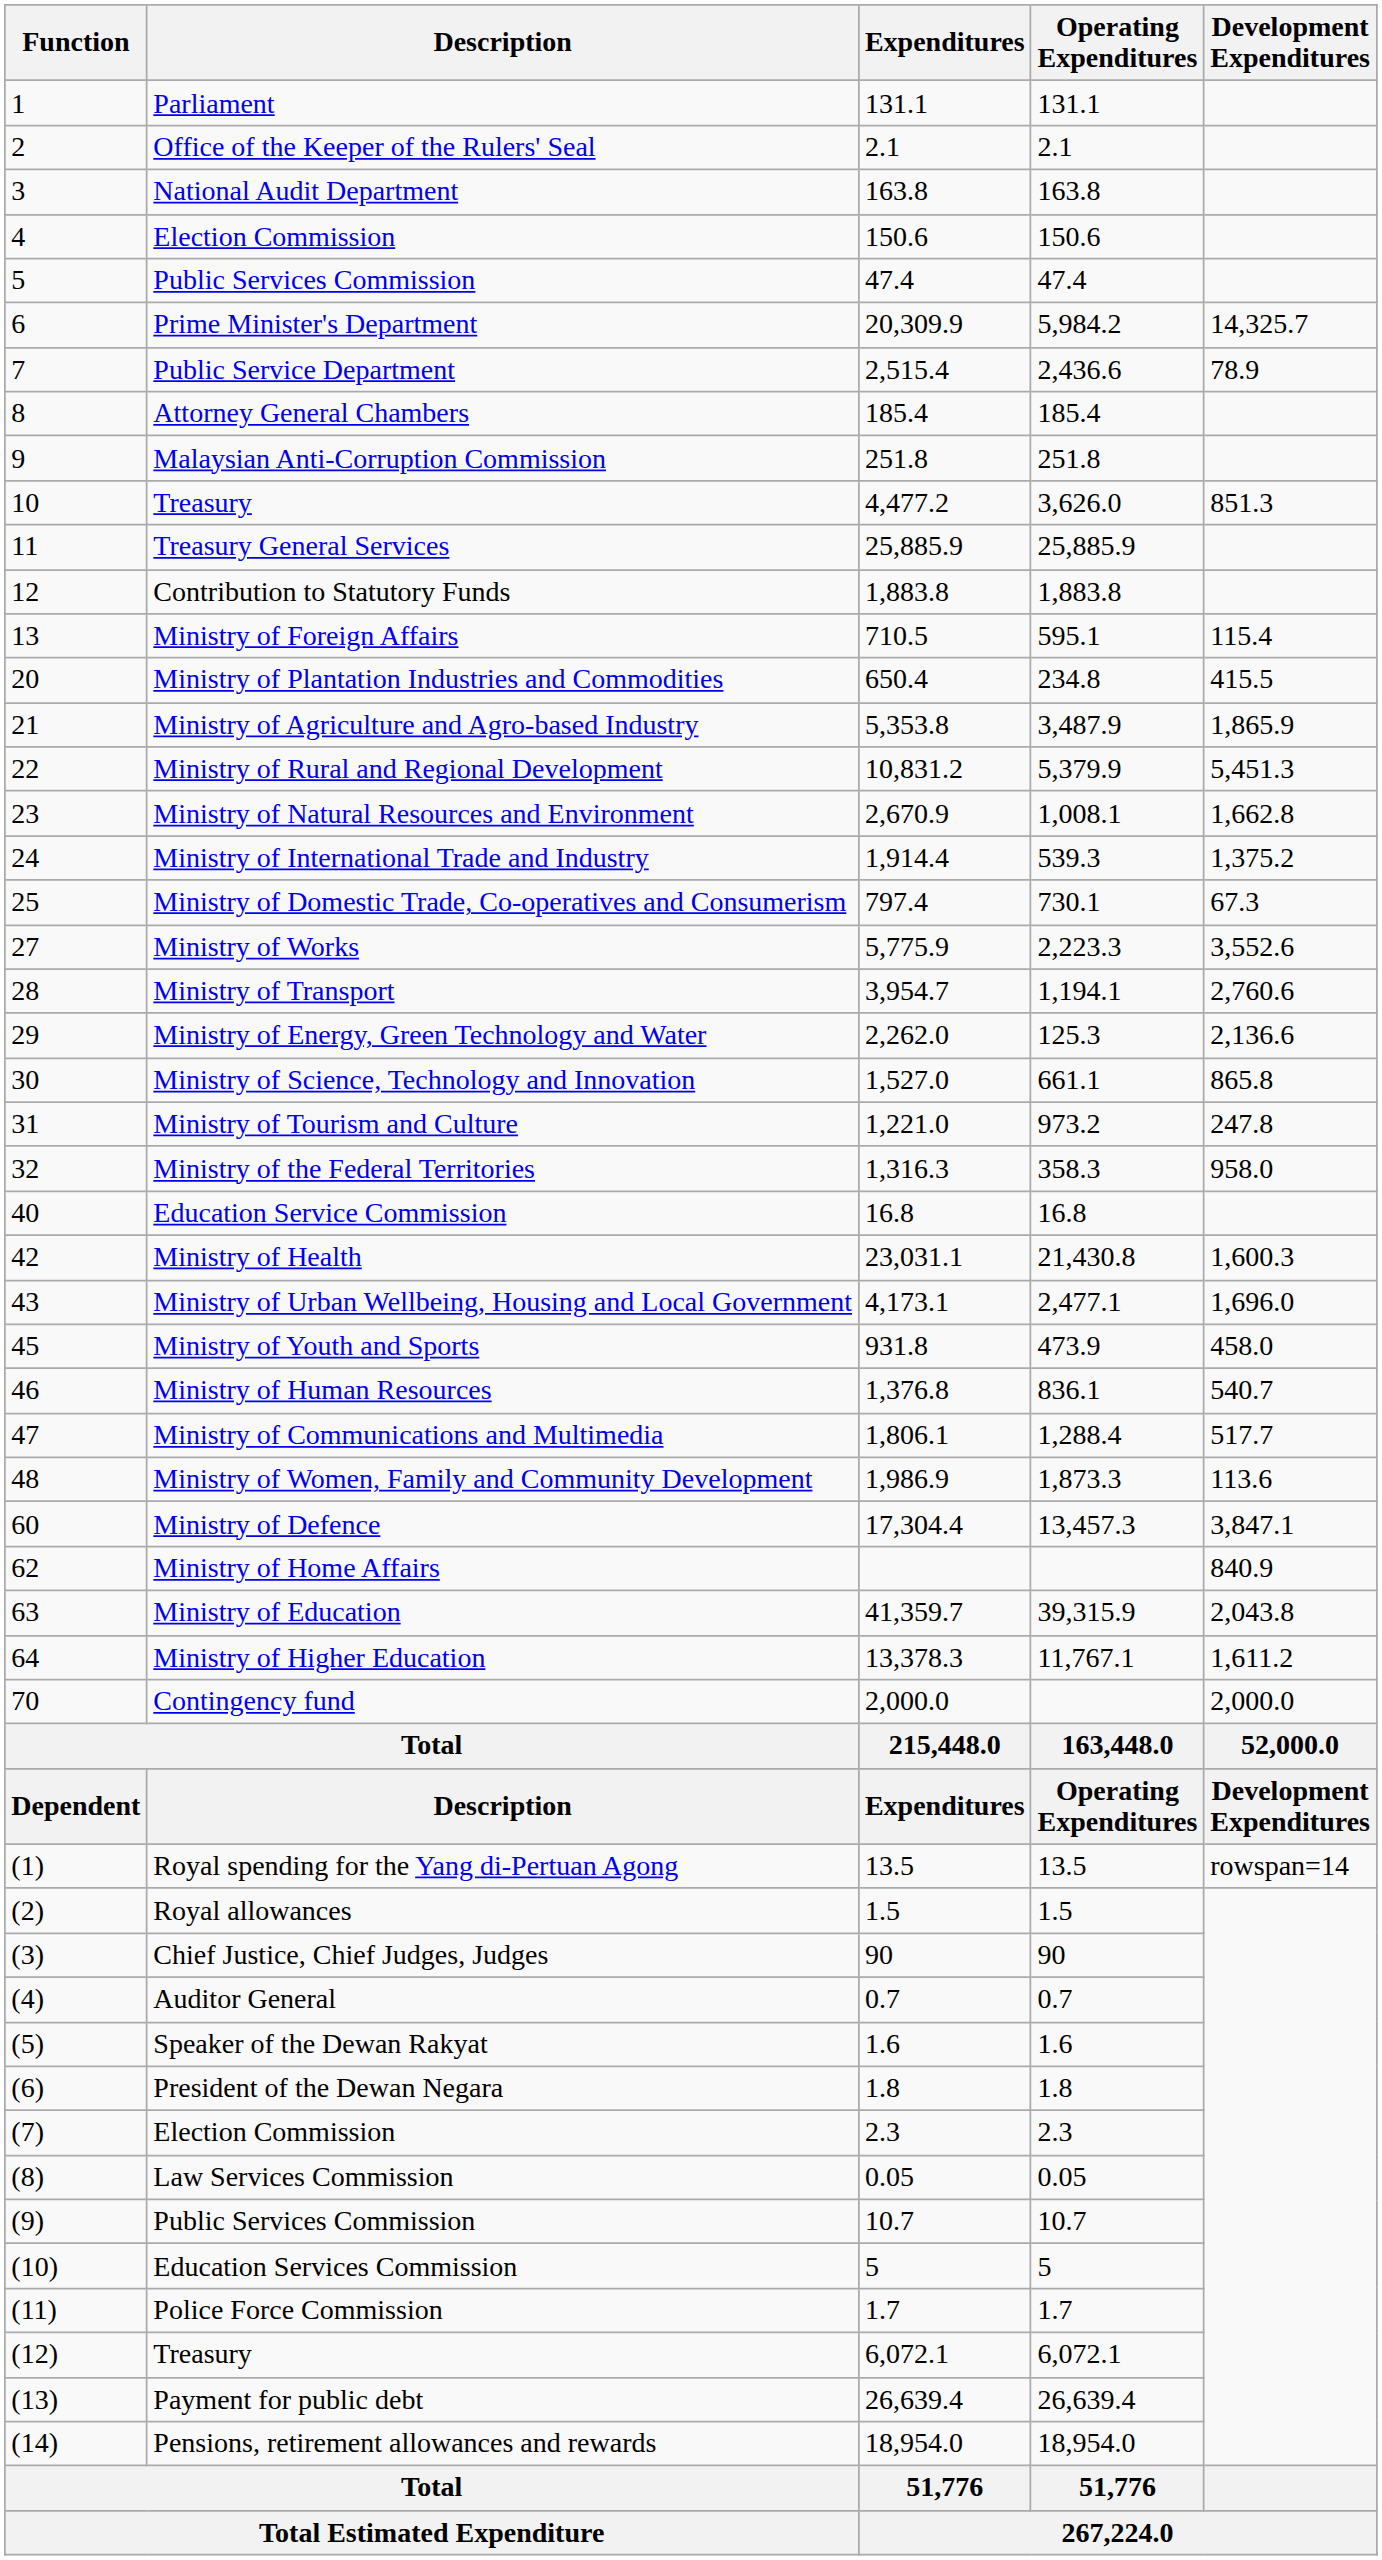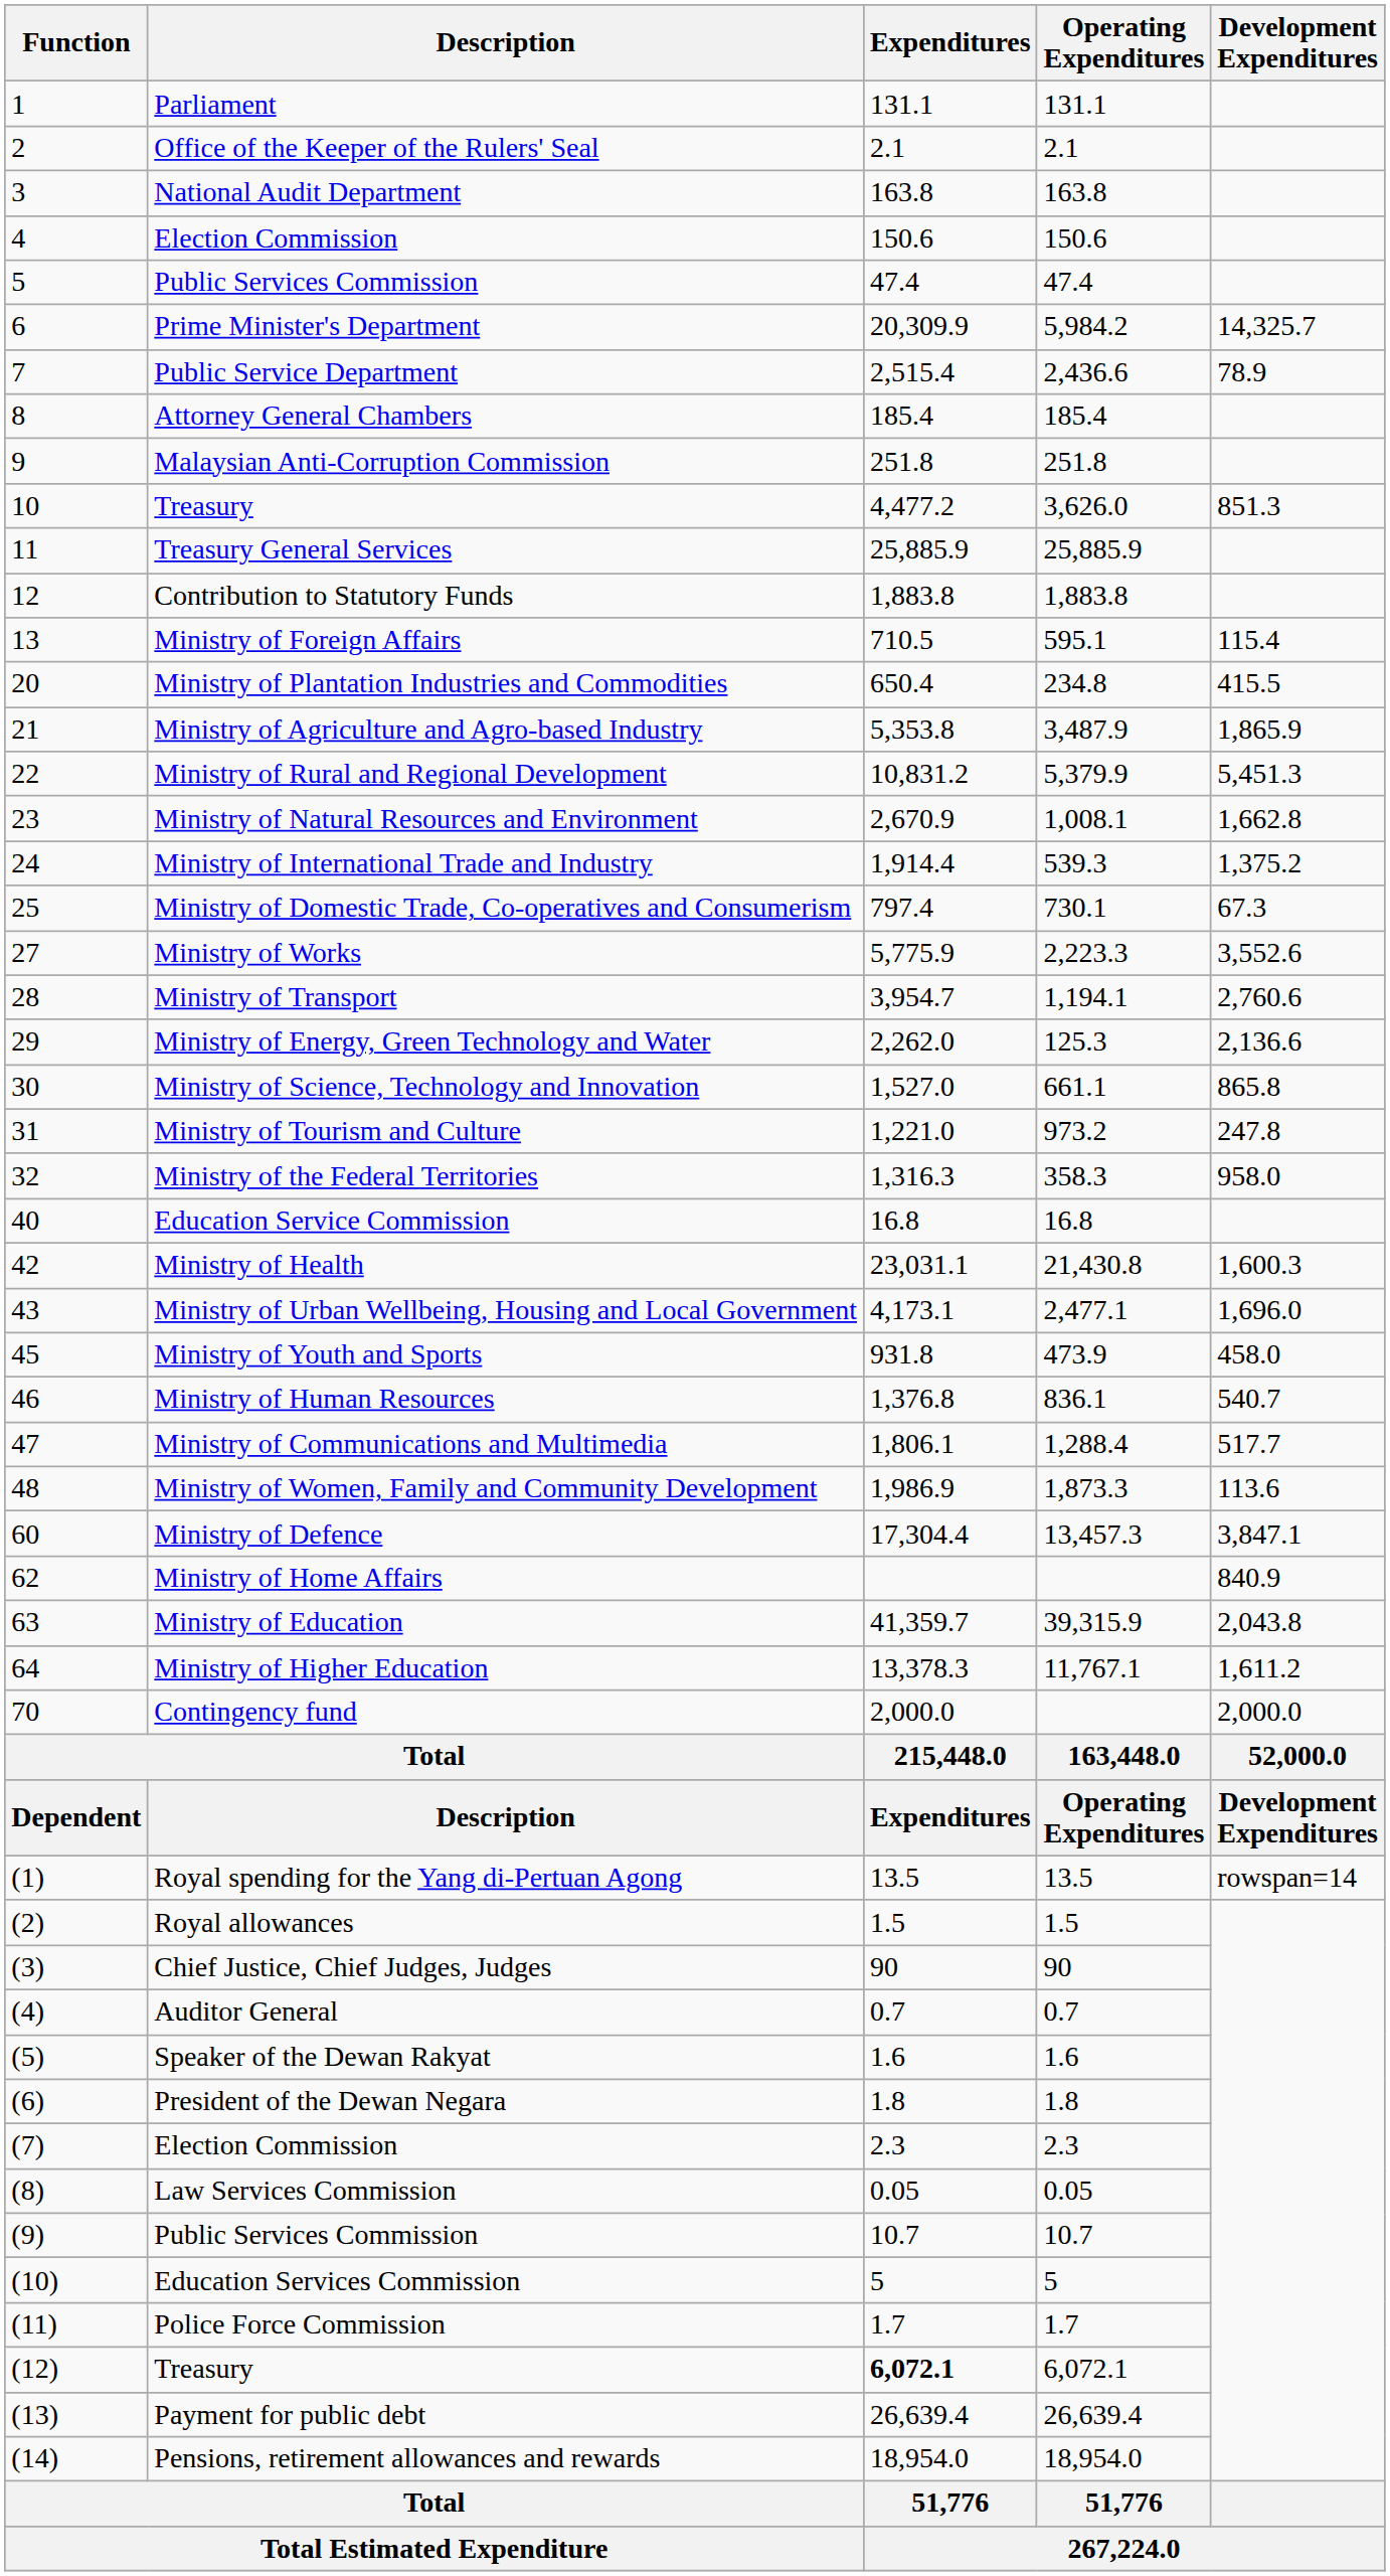 <table class="wikitable sortable">
 <tr>
 <th data-sort-type="number">Function</th>
 <th>Description</th>
 <th data-sort-type="number">Expenditures</th>
 <th data-sort-type="number">Operating<br>Expenditures</th>
 <th data-sort-type="number">Development<br>Expenditures</th>
 </tr>
 <tr>
 <td>1</td>
 <td><a href='#'>Parliament</a></td>
 <td>131.1</td>
 <td>131.1</td>
 <td></td>
 </tr>
 <tr>
 <td>2</td>
 <td><a href='#'>Office of the Keeper of the Rulers' Seal</a></td>
 <td>2.1</td>
 <td>2.1</td>
 <td></td>
 </tr>
 <tr>
 <td>3</td>
 <td><a href='#'>National Audit Department</a></td>
 <td>163.8</td>
 <td>163.8</td>
 <td></td>
 </tr>
 <tr>
 <td>4</td>
 <td><a href='#'>Election Commission</a></td>
 <td>150.6</td>
 <td>150.6</td>
 <td></td>
 </tr>
 <tr>
 <td>5</td>
 <td><a href='#'>Public Services Commission</a></td>
 <td>47.4</td>
 <td>47.4</td>
 <td></td>
 </tr>
 <tr>
 <td>6</td>
 <td><a href='#'>Prime Minister's Department</a></td>
 <td>20,309.9</td>
 <td>5,984.2</td>
 <td>14,325.7</td>
 </tr>
 <tr>
 <td>7</td>
 <td><a href='#'>Public Service Department</a></td>
 <td>2,515.4</td>
 <td>2,436.6</td>
 <td>78.9</td>
 </tr>
 <tr>
 <td>8</td>
 <td><a href='#'>Attorney General Chambers</a></td>
 <td>185.4</td>
 <td>185.4</td>
 <td></td>
 </tr>
 <tr>
 <td>9</td>
 <td><a href='#'>Malaysian Anti-Corruption Commission</a></td>
 <td>251.8</td>
 <td>251.8</td>
 <td></td>
 </tr>
 <tr>
 <td>10</td>
 <td><a href='#'>Treasury</a></td>
 <td>4,477.2</td>
 <td>3,626.0</td>
 <td>851.3</td>
 </tr>
 <tr>
 <td>11</td>
 <td><a href='#'>Treasury General Services</a></td>
 <td>25,885.9</td>
 <td>25,885.9</td>
 <td></td>
 </tr>
 <tr>
 <td>12</td>
 <td>Contribution to Statutory Funds</td>
 <td>1,883.8</td>
 <td>1,883.8</td>
 <td></td>
 </tr>
 <tr>
 <td>13</td>
 <td><a href='#'>Ministry of Foreign Affairs</a></td>
 <td>710.5</td>
 <td>595.1</td>
 <td>115.4</td>
 </tr>
 <tr>
 <td>20</td>
 <td><a href='#'>Ministry of Plantation Industries and Commodities</a></td>
 <td>650.4</td>
 <td>234.8</td>
 <td>415.5</td>
 </tr>
 <tr>
 <td>21</td>
 <td><a href='#'>Ministry of Agriculture and Agro-based Industry</a></td>
 <td>5,353.8</td>
 <td>3,487.9</td>
 <td>1,865.9</td>
 </tr>
 <tr>
 <td>22</td>
 <td><a href='#'>Ministry of Rural and Regional Development</a></td>
 <td>10,831.2</td>
 <td>5,379.9</td>
 <td>5,451.3</td>
 </tr>
 <tr>
 <td>23</td>
 <td><a href='#'>Ministry of Natural Resources and Environment</a></td>
 <td>2,670.9</td>
 <td>1,008.1</td>
 <td>1,662.8</td>
 </tr>
 <tr>
 <td>24</td>
 <td><a href='#'>Ministry of International Trade and Industry</a></td>
 <td>1,914.4</td>
 <td>539.3</td>
 <td>1,375.2</td>
 </tr>
 <tr>
 <td>25</td>
 <td><a href='#'>Ministry of Domestic Trade, Co-operatives and Consumerism</a></td>
 <td>797.4</td>
 <td>730.1</td>
 <td>67.3</td>
 </tr>
 <tr>
 <td>27</td>
 <td><a href='#'>Ministry of Works</a></td>
 <td>5,775.9</td>
 <td>2,223.3</td>
 <td>3,552.6</td>
 </tr>
 <tr>
 <td>28</td>
 <td><a href='#'>Ministry of Transport</a></td>
 <td>3,954.7</td>
 <td>1,194.1</td>
 <td>2,760.6</td>
 </tr>
 <tr>
 <td>29</td>
 <td><a href='#'>Ministry of Energy, Green Technology and Water</a></td>
 <td>2,262.0</td>
 <td>125.3</td>
 <td>2,136.6</td>
 </tr>
 <tr>
 <td>30</td>
 <td><a href='#'>Ministry of Science, Technology and Innovation</a></td>
 <td>1,527.0</td>
 <td>661.1</td>
 <td>865.8</td>
 </tr>
 <tr>
 <td>31</td>
 <td><a href='#'>Ministry of Tourism and Culture</a></td>
 <td>1,221.0</td>
 <td>973.2</td>
 <td>247.8</td>
 </tr>
 <tr>
 <td>32</td>
 <td><a href='#'>Ministry of the Federal Territories</a></td>
 <td>1,316.3</td>
 <td>358.3</td>
 <td>958.0</td>
 </tr>
 <tr>
 <td>40</td>
 <td><a href='#'>Education Service Commission</a></td>
 <td>16.8</td>
 <td>16.8</td>
 <td></td>
 </tr>
 <tr>
 <td>42</td>
 <td><a href='#'>Ministry of Health</a></td>
 <td>23,031.1</td>
 <td>21,430.8</td>
 <td>1,600.3</td>
 </tr>
 <tr>
 <td>43</td>
 <td><a href='#'>Ministry of Urban Wellbeing, Housing and Local Government</a></td>
 <td>4,173.1</td>
 <td>2,477.1</td>
 <td>1,696.0</td>
 </tr>
 <tr>
 <td>45</td>
 <td><a href='#'>Ministry of Youth and Sports</a></td>
 <td>931.8</td>
 <td>473.9</td>
 <td>458.0</td>
 </tr>
 <tr>
 <td>46</td>
 <td><a href='#'>Ministry of Human Resources</a></td>
 <td>1,376.8</td>
 <td>836.1</td>
 <td>540.7</td>
 </tr>
 <tr>
 <td>47</td>
 <td><a href='#'>Ministry of Communications and Multimedia</a></td>
 <td>1,806.1</td>
 <td>1,288.4</td>
 <td>517.7</td>
 </tr>
 <tr>
 <td>48</td>
 <td><a href='#'>Ministry of Women, Family and Community Development</a></td>
 <td>1,986.9</td>
 <td>1,873.3</td>
 <td>113.6</td>
 </tr>
 <tr>
 <td>60</td>
 <td><a href='#'>Ministry of Defence</a></td>
 <td>17,304.4</td>
 <td>13,457.3</td>
 <td>3,847.1</td>
 </tr>
 <tr>
 <td>62</td>
 <td><a href='#'>Ministry of Home Affairs</a></td>
 <td></td>
 <td></td>
 <td>840.9</td>
 </tr>
 <tr>
 <td>63</td>
 <td><a href='#'>Ministry of Education</a></td>
 <td>41,359.7</td>
 <td>39,315.9</td>
 <td>2,043.8</td>
 </tr>
 <tr>
 <td>64</td>
 <td><a href='#'>Ministry of Higher Education</a></td>
 <td>13,378.3</td>
 <td>11,767.1</td>
 <td>1,611.2</td>
 </tr>
 <tr>
 <td>70</td>
 <td><a href='#'>Contingency fund</a></td>
 <td>2,000.0</td>
 <td></td>
 <td>2,000.0</td>
 </tr>
 <tr>
 <th align=right colspan=2>Total</th>
 <th>215,448.0</th>
 <th>163,448.0</th>
 <th>52,000.0</th>
 </tr>
 <tr>
 <th>Dependent</th>
 <th>Description</th>
 <th>Expenditures</th>
 <th>Operating<br>Expenditures</th>
 <th>Development<br>Expenditures</th>
 </tr>
 <tr>
 <td>(1)</td>
 <td>Royal spending for the <a href='#'>Yang di-Pertuan Agong</a></td>
 <td>13.5</td>
 <td>13.5</td>
 <td>rowspan=14 </td>
 </tr>
 <tr>
 <td>(2)</td>
 <td>Royal allowances</td>
 <td>1.5</td>
 <td>1.5</td>
 </tr>
 <tr>
 <td>(3)</td>
 <td>Chief Justice, Chief Judges, Judges</td>
 <td>90</td>
 <td>90</td>
 </tr>
 <tr>
 <td>(4)</td>
 <td>Auditor General</td>
 <td>0.7</td>
 <td>0.7</td>
 </tr>
 <tr>
 <td>(5)</td>
 <td>Speaker of the Dewan Rakyat</td>
 <td>1.6</td>
 <td>1.6</td>
 </tr>
 <tr>
 <td>(6)</td>
 <td>President of the Dewan Negara</td>
 <td>1.8</td>
 <td>1.8</td>
 </tr>
 <tr>
 <td>(7)</td>
 <td>Election Commission</td>
 <td>2.3</td>
 <td>2.3</td>
 </tr>
 <tr>
 <td>(8)</td>
 <td>Law Services Commission</td>
 <td>0.05</td>
 <td>0.05</td>
 </tr>
 <tr>
 <td>(9)</td>
 <td>Public Services Commission</td>
 <td>10.7</td>
 <td>10.7</td>
 </tr>
 <tr>
 <td>(10)</td>
 <td>Education Services Commission</td>
 <td>5</td>
 <td>5</td>
 </tr>
 <tr>
 <td>(11)</td>
 <td>Police Force Commission</td>
 <td>1.7</td>
 <td>1.7</td>
 </tr>
 <tr>
 <td>(12)</td>
 <td>Treasury</td>
-<td>6,072.1</td>
+<td><strong>6,072.1</strong></td>
 <td>6,072.1</td>
 </tr>
 <tr>
 <td>(13)</td>
 <td>Payment for public debt</td>
 <td>26,639.4</td>
 <td>26,639.4</td>
 </tr>
 <tr>
 <td>(14)</td>
 <td>Pensions, retirement allowances and rewards</td>
 <td>18,954.0</td>
 <td>18,954.0</td>
 </tr>
 <tr>
 <th align=right colspan=2>Total</th>
 <th>51,776</th>
 <th>51,776</th>
 <th></th>
 </tr>
 <tr>
 <th align=right colspan=2>Total Estimated Expenditure</th>
 <th colspan=3>267,224.0</th>
 </tr>
 </table>
